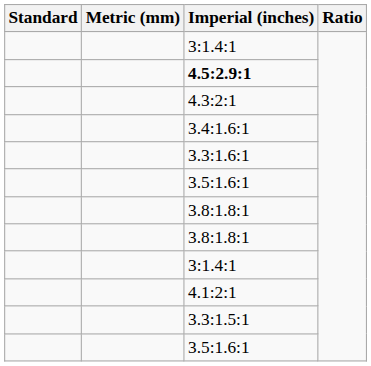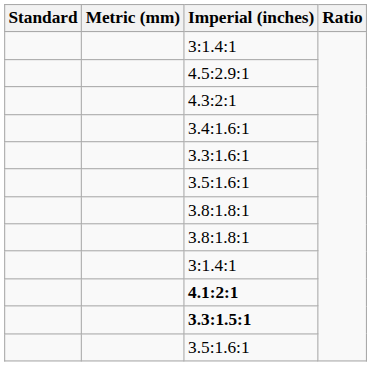 <table class="wikitable" style="clear:left; margin:auto;">
 <tr>
 <th>Standard</th>
 <th>Metric (mm)</th>
 <th>Imperial (inches)</th>
 <th>Ratio</th>
 </tr>
 <tr>
 <td></td>
 <td></td>
 <td>3:1.4:1</td>
 </tr>
 <tr>
 <td></td>
 <td></td>
-<td><strong>4.5:2.9:1</strong></td>
+<td>4.5:2.9:1</td>
 </tr>
 <tr>
 <td></td>
 <td></td>
 <td>4.3:2:1</td>
 </tr>
 <tr>
 <td></td>
 <td></td>
 <td>3.4:1.6:1</td>
 </tr>
 <tr>
 <td></td>
 <td></td>
 <td>3.3:1.6:1</td>
 </tr>
 <tr>
 <td></td>
 <td></td>
 <td>3.5:1.6:1</td>
 </tr>
 <tr>
 <td></td>
 <td></td>
 <td>3.8:1.8:1</td>
 </tr>
 <tr>
 <td></td>
 <td></td>
 <td>3.8:1.8:1</td>
 </tr>
 <tr>
 <td></td>
 <td></td>
 <td>3:1.4:1</td>
 </tr>
 <tr>
 <td></td>
 <td></td>
-<td>4.1:2:1</td>
+<td><strong>4.1:2:1</strong></td>
 </tr>
 <tr>
 <td></td>
 <td></td>
-<td>3.3:1.5:1</td>
+<td><strong>3.3:1.5:1</strong></td>
 </tr>
 <tr>
 <td></td>
 <td></td>
 <td>3.5:1.6:1</td>
 </tr>
 </table>
